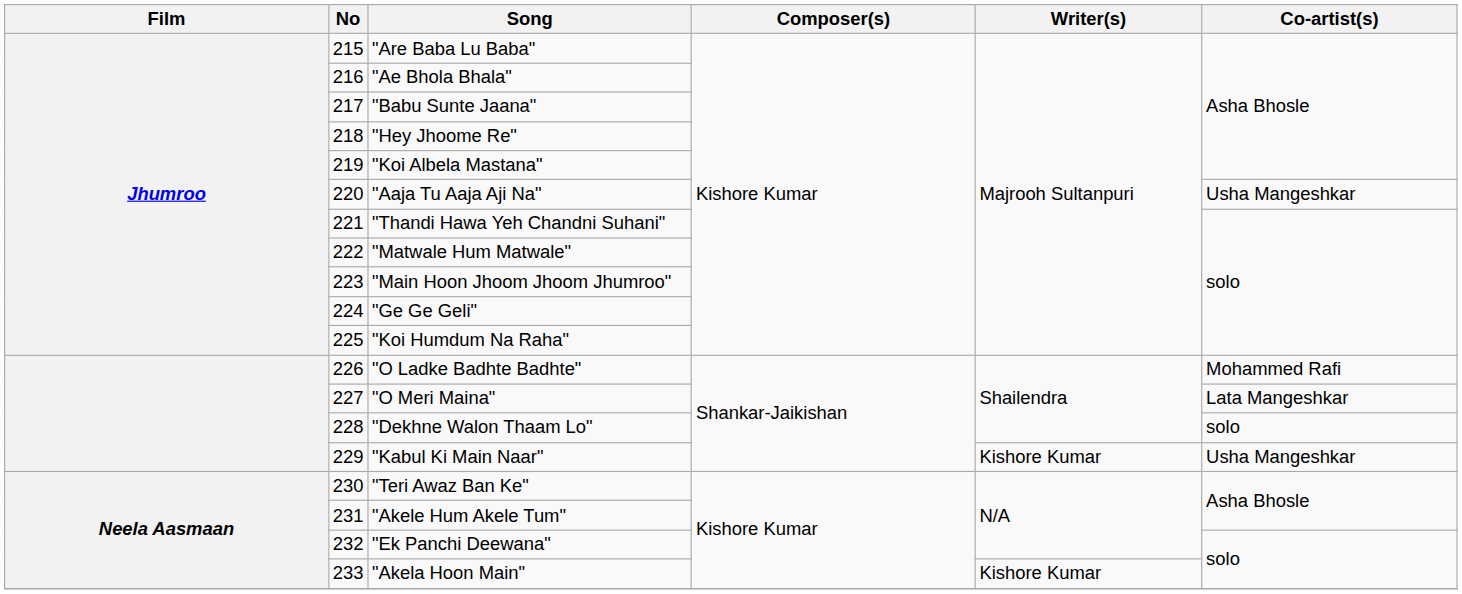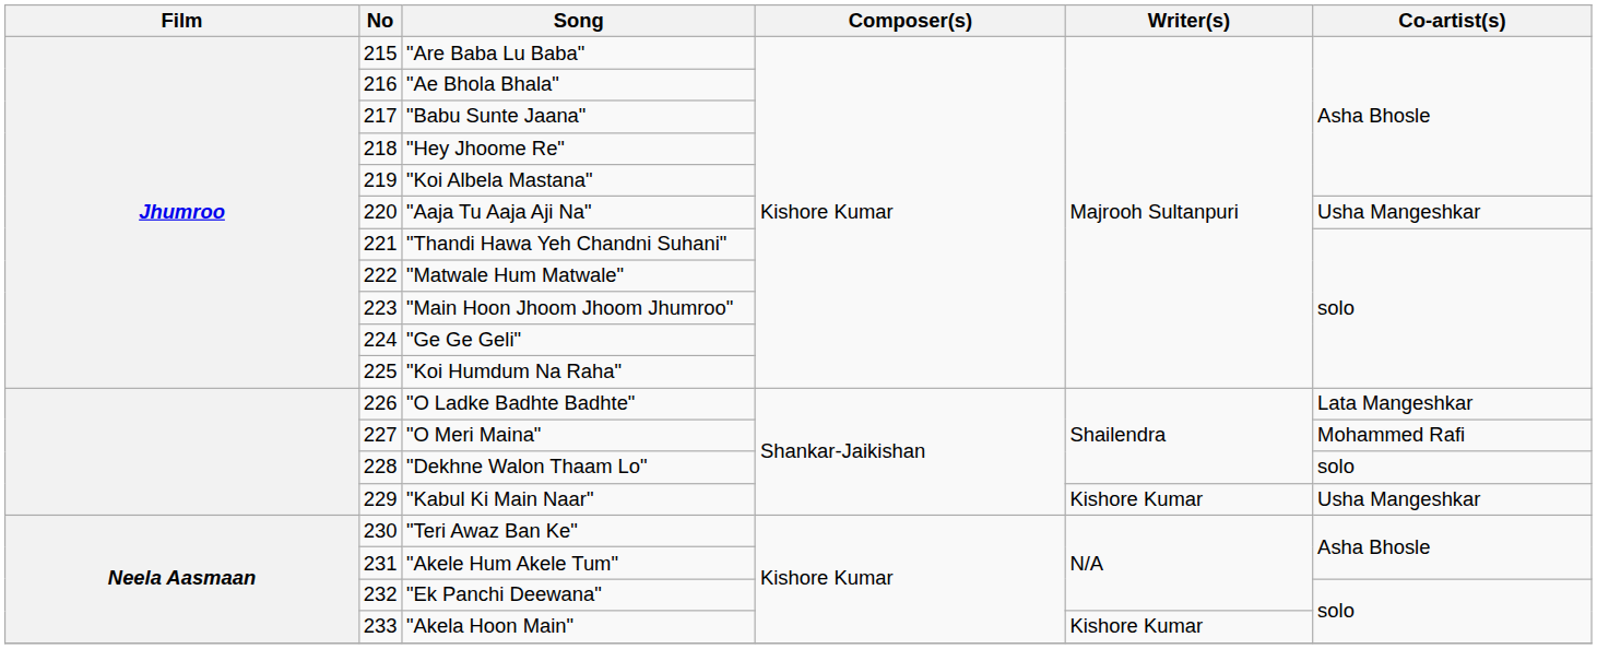 <table class="wikitable plainrowheaders" width="100%" textcolor:#000;">
 <tr style="background:#b0e0e66;">
 <th scope="col" width=23%><strong>Film</strong></th>
 <th><strong>No</strong></th>
 <th scope="col" width=23%><strong>Song</strong></th>
 <th scope="col" width=20%><strong>Composer(s)</strong></th>
 <th scope="col" width=16%><strong>Writer(s)</strong></th>
 <th scope="col" width=18%><strong>Co-artist(s)</strong></th>
 </tr>
 <tr>
 <th rowspan=11><em><a href='#'>Jhumroo</a></em></th>
 <td>215</td>
 <td>"Are Baba Lu Baba"</td>
 <td rowspan=11>Kishore Kumar</td>
 <td rowspan=11>Majrooh Sultanpuri</td>
 <td rowspan=5>Asha Bhosle</td>
 </tr>
 <tr>
 <td>216</td>
 <td>"Ae Bhola Bhala"</td>
 </tr>
 <tr>
 <td>217</td>
 <td>"Babu Sunte Jaana"</td>
 </tr>
 <tr>
 <td>218</td>
 <td>"Hey Jhoome Re"</td>
 </tr>
 <tr>
 <td>219</td>
 <td>"Koi Albela Mastana"</td>
 </tr>
 <tr>
 <td>220</td>
 <td>"Aaja Tu Aaja Aji Na"</td>
 <td>Usha Mangeshkar</td>
 </tr>
 <tr>
 <td>221</td>
 <td>"Thandi Hawa Yeh Chandni Suhani"</td>
 <td rowspan=5>solo</td>
 </tr>
 <tr>
 <td>222</td>
 <td>"Matwale Hum Matwale"</td>
 </tr>
 <tr>
 <td>223</td>
 <td>"Main Hoon Jhoom Jhoom Jhumroo"</td>
 </tr>
 <tr>
 <td>224</td>
 <td>"Ge Ge Geli"</td>
 </tr>
 <tr>
 <td>225</td>
 <td>"Koi Humdum Na Raha"</td>
 </tr>
 <tr>
 <th rowspan=4><em></em></th>
 <td>226</td>
 <td>"O Ladke Badhte Badhte"</td>
 <td rowspan=4>Shankar-Jaikishan</td>
 <td rowspan=3>Shailendra</td>
-<td>Mohammed Rafi</td>
+<td>Lata Mangeshkar</td>
 </tr>
 <tr>
 <td>227</td>
 <td>"O Meri Maina"</td>
-<td>Lata Mangeshkar</td>
+<td>Mohammed Rafi</td>
 </tr>
 <tr>
 <td>228</td>
 <td>"Dekhne Walon Thaam Lo"</td>
 <td>solo</td>
 </tr>
 <tr>
 <td>229</td>
 <td>"Kabul Ki Main Naar"</td>
 <td>Kishore Kumar</td>
 <td>Usha Mangeshkar</td>
 </tr>
 <tr>
 <th rowspan=4><em>Neela Aasmaan</em></th>
 <td>230</td>
 <td>"Teri Awaz Ban Ke"</td>
 <td rowspan=4>Kishore Kumar</td>
 <td rowspan=3>N/A</td>
 <td rowspan=2>Asha Bhosle</td>
 </tr>
 <tr>
 <td>231</td>
 <td>"Akele Hum Akele Tum"</td>
 </tr>
 <tr>
 <td>232</td>
 <td>"Ek Panchi Deewana"</td>
 <td rowspan=2>solo</td>
 </tr>
 <tr>
 <td>233</td>
 <td>"Akela Hoon Main"</td>
 <td>Kishore Kumar</td>
 </tr>
 <tr>
 </tr>
 </table>
